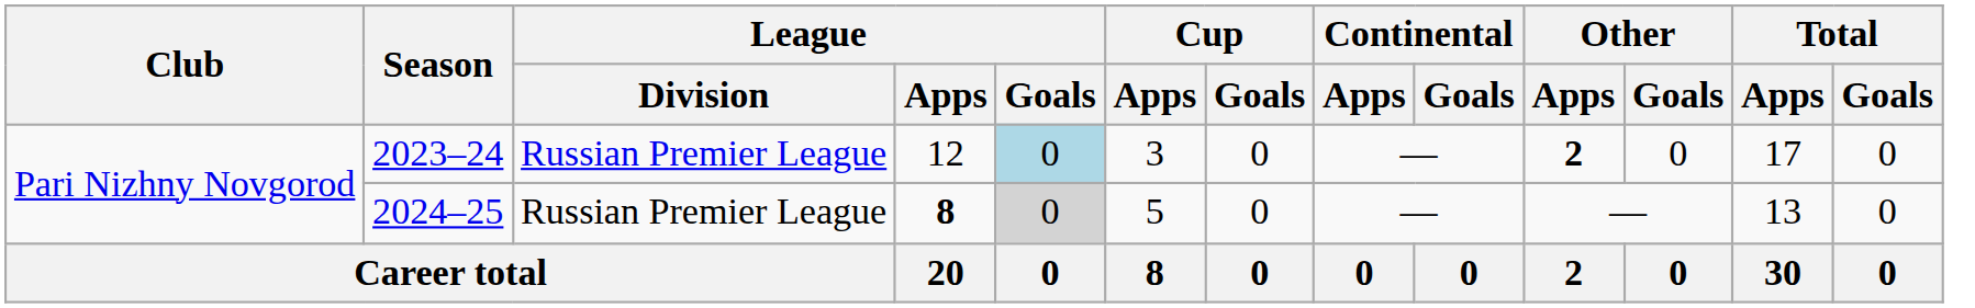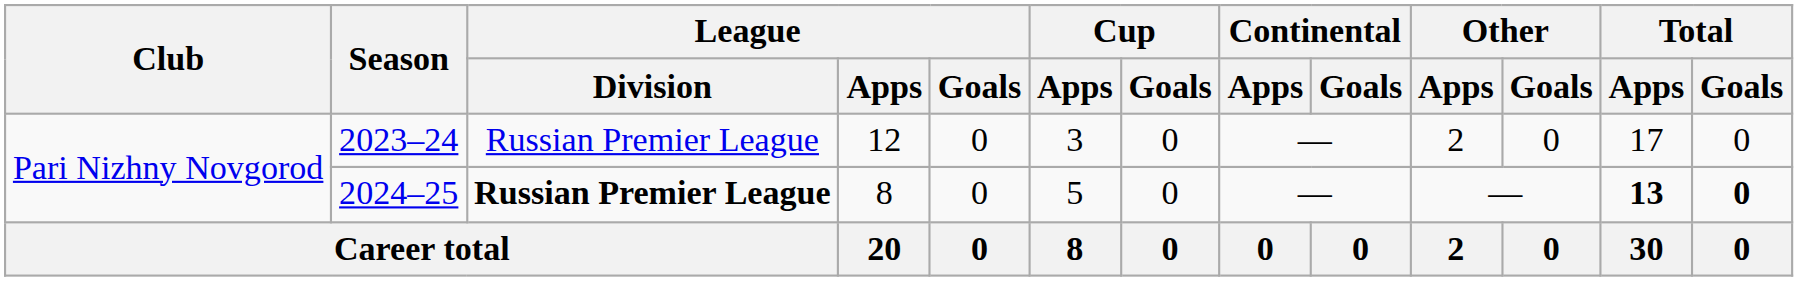 <table class="wikitable" style="text-align: center;">
 <tr>
 <th rowspan=2>Club</th>
 <th rowspan=2>Season</th>
 <th colspan=3>League</th>
 <th colspan=2>Cup</th>
 <th colspan=2>Continental</th>
 <th colspan=2>Other</th>
 <th colspan=2>Total</th>
 </tr>
 <tr>
 <th>Division</th>
 <th>Apps</th>
 <th>Goals</th>
 <th>Apps</th>
 <th>Goals</th>
 <th>Apps</th>
 <th>Goals</th>
 <th>Apps</th>
 <th>Goals</th>
 <th>Apps</th>
 <th>Goals</th>
 </tr>
 <tr>
 <td rowspan="2"><a href='#'>Pari Nizhny Novgorod</a></td>
 <td><a href='#'>2023–24</a></td>
 <td><a href='#'>Russian Premier League</a></td>
 <td>12</td>
-<td style="background: lightblue;">0</td>
+<td>0</td>
 <td>3</td>
 <td>0</td>
 <td colspan="2">—</td>
-<td><strong>2</strong></td>
+<td>2</td>
 <td>0</td>
 <td>17</td>
 <td>0</td>
 </tr>
 <tr>
 <td><a href='#'>2024–25</a></td>
-<td>Russian Premier League</td>
-<td><strong>8</strong></td>
-<td style="background: lightgrey;">0</td>
+<td><strong>Russian Premier League</strong></td>
+<td>8</td>
+<td>0</td>
 <td>5</td>
 <td>0</td>
 <td colspan="2">—</td>
 <td colspan="2">—</td>
-<td>13</td>
-<td>0</td>
+<td><strong>13</strong></td>
+<td><strong>0</strong></td>
 </tr>
 <tr>
 <th colspan="3">Career total</th>
 <th>20</th>
 <th>0</th>
 <th>8</th>
 <th>0</th>
 <th>0</th>
 <th>0</th>
 <th>2</th>
 <th>0</th>
 <th>30</th>
 <th>0</th>
 </tr>
 </table>
